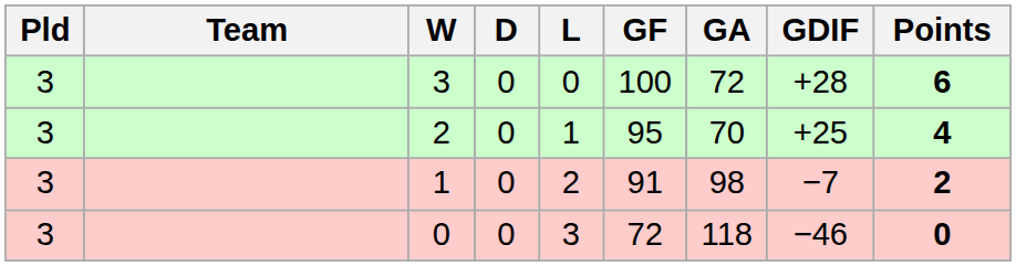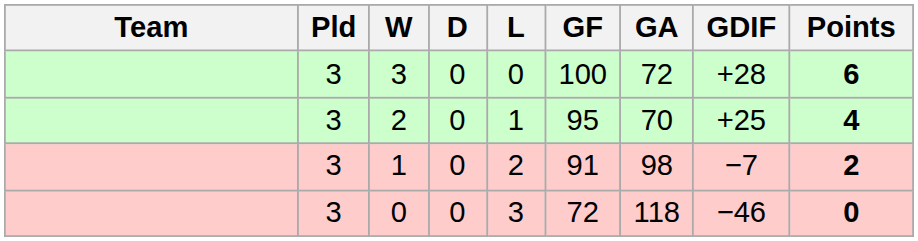 <table class=wikitable style="text-align:center" width=500>
 <tr>
+<th width=25%>Team</th>
 <th width=5%>Pld</th>
-<th width=25%>Team</th>
 <th width=5%>W</th>
 <th width=5%>D</th>
 <th width=5%>L</th>
 <th width=5%>GF</th>
 <th width=5%>GA</th>
 <th width=5%>GDIF</th>
 <th width=8%>Points</th>
 </tr>
 <tr bgcolor=ccffcc>
+<td align="left"></td>
 <td>3</td>
-<td align="left"></td>
 <td>3</td>
 <td>0</td>
 <td>0</td>
 <td>100</td>
 <td>72</td>
 <td>+28</td>
 <td><strong>6</strong></td>
 </tr>
 <tr bgcolor=ccffcc>
+<td align="left"></td>
 <td>3</td>
-<td align="left"></td>
 <td>2</td>
 <td>0</td>
 <td>1</td>
 <td>95</td>
 <td>70</td>
 <td>+25</td>
 <td><strong>4</strong></td>
 </tr>
 <tr bgcolor=ffcccc>
+<td align="left"></td>
 <td>3</td>
-<td align="left"></td>
 <td>1</td>
 <td>0</td>
 <td>2</td>
 <td>91</td>
 <td>98</td>
 <td>−7</td>
 <td><strong>2</strong></td>
 </tr>
 <tr bgcolor=ffcccc>
+<td align="left"></td>
 <td>3</td>
-<td align="left"></td>
 <td>0</td>
 <td>0</td>
 <td>3</td>
 <td>72</td>
 <td>118</td>
 <td>−46</td>
 <td><strong>0</strong></td>
 </tr>
 </table>
